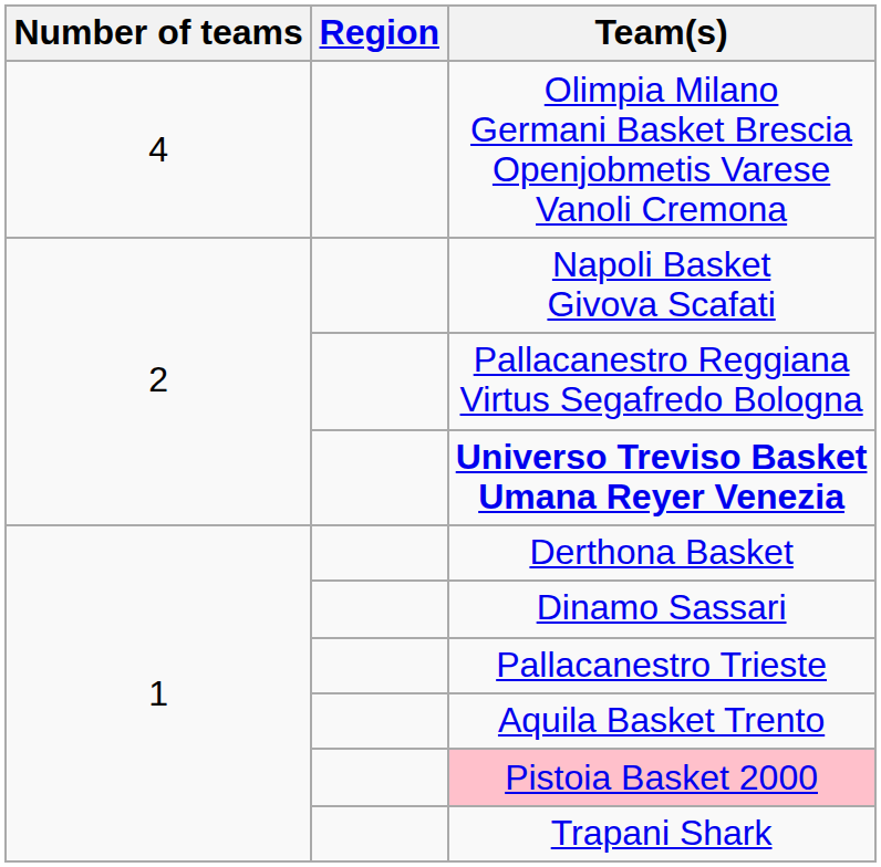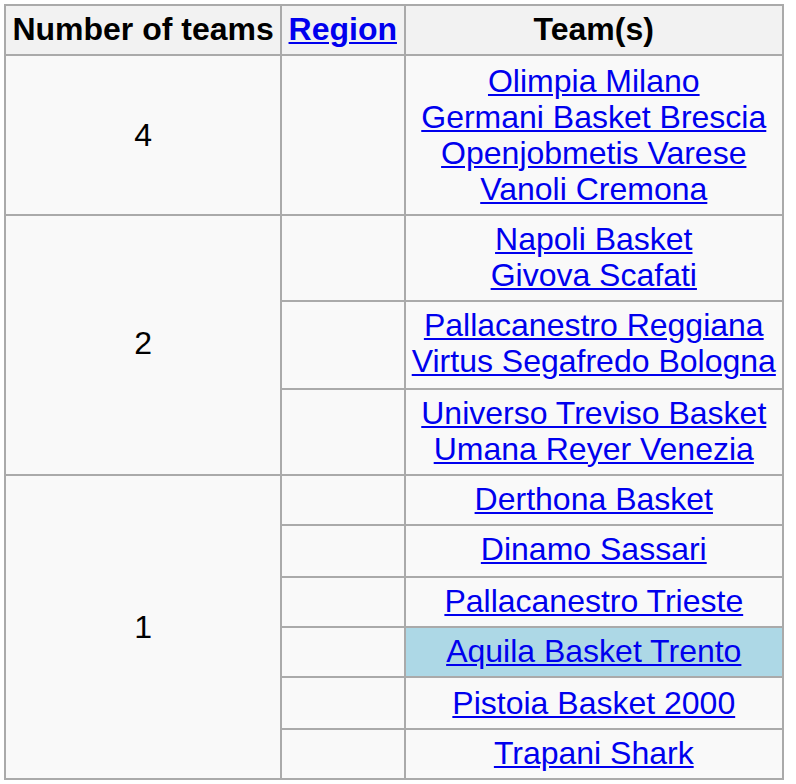 <table class="wikitable" style="text-align:center">
 <tr>
 <th>Number of teams</th>
 <th><a href='#'>Region</a></th>
 <th>Team(s)</th>
 </tr>
 <tr>
 <td>4</td>
 <td style="text-align:left"></td>
 <td><a href='#'>Olimpia Milano</a><br><a href='#'>Germani Basket Brescia</a><br><a href='#'>Openjobmetis Varese</a><br><a href='#'>Vanoli Cremona</a></td>
 </tr>
 <tr>
 <td rowspan="3">2</td>
 <td style="text-align:left"></td>
 <td><a href='#'>Napoli Basket</a><br><a href='#'>Givova Scafati</a></td>
 </tr>
 <tr>
 <td style="text-align:left"></td>
 <td><a href='#'>Pallacanestro Reggiana</a><br><a href='#'>Virtus Segafredo Bologna</a></td>
 </tr>
 <tr>
 <td style="text-align:left"></td>
-<td><strong><a href='#'>Universo Treviso Basket</a><br><a href='#'>Umana Reyer Venezia</a></strong></td>
+<td><a href='#'>Universo Treviso Basket</a><br><a href='#'>Umana Reyer Venezia</a></td>
 </tr>
 <tr>
 <td rowspan="6">1</td>
 <td style="text-align:left"></td>
 <td><a href='#'>Derthona Basket</a></td>
 </tr>
 <tr>
 <td style="text-align:left"></td>
 <td><a href='#'>Dinamo Sassari</a></td>
 </tr>
 <tr>
 <td style="text-align:left"></td>
 <td><a href='#'>Pallacanestro Trieste</a></td>
 </tr>
 <tr>
 <td style="text-align:left"></td>
-<td><a href='#'>Aquila Basket Trento</a></td>
+<td style="background: lightblue;"><a href='#'>Aquila Basket Trento</a></td>
 </tr>
 <tr>
 <td style="text-align:left"></td>
-<td style="background: pink;"><a href='#'>Pistoia Basket 2000</a></td>
+<td><a href='#'>Pistoia Basket 2000</a></td>
 </tr>
 <tr>
 <td style="text-align:left"></td>
 <td><a href='#'>Trapani Shark</a></td>
 </tr>
 </table>
